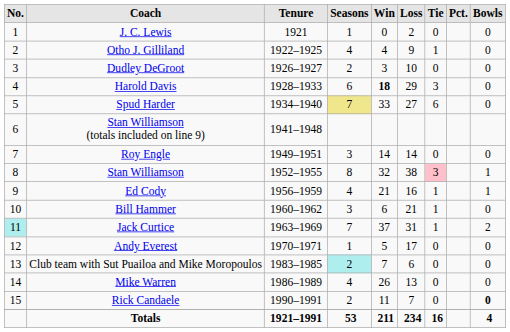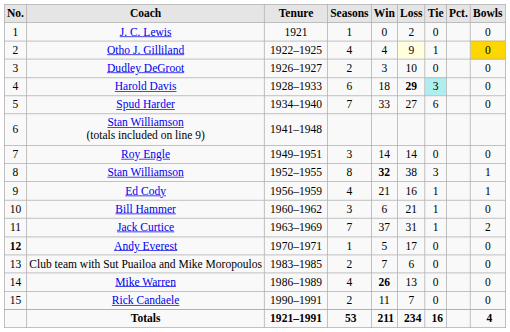 <table class="wikitable sortable" style="text-align:center;">
 <tr>
 <th style="background:#e5e5e5;">No.</th>
 <th style="background:#e5e5e5;">Coach</th>
 <th style="background:#e5e5e5;">Tenure</th>
 <th style="background:#e5e5e5;">Seasons</th>
 <th style="background:#e5e5e5;">Win</th>
 <th style="background:#e5e5e5;">Loss</th>
 <th style="background:#e5e5e5;">Tie</th>
 <th style="background:#e5e5e5;">Pct.</th>
 <th style="background:#e5e5e5;">Bowls</th>
 </tr>
 <tr>
 <td>1</td>
 <td><a href='#'>J. C. Lewis</a></td>
 <td>1921</td>
 <td>1</td>
 <td>0</td>
 <td>2</td>
 <td>0</td>
 <td></td>
 <td>0</td>
 </tr>
 <tr>
 <td>2</td>
 <td><a href='#'>Otho J. Gilliland</a></td>
 <td>1922–1925</td>
 <td>4</td>
 <td>4</td>
-<td>9</td>
+<td style="background: lightyellow;">9</td>
 <td>1</td>
 <td></td>
-<td>0</td>
+<td style="background: gold;">0</td>
 </tr>
 <tr>
 <td>3</td>
 <td><a href='#'>Dudley DeGroot</a></td>
 <td>1926–1927</td>
 <td>2</td>
 <td>3</td>
 <td>10</td>
 <td>0</td>
 <td></td>
 <td>0</td>
 </tr>
 <tr>
 <td>4</td>
 <td><a href='#'>Harold Davis</a></td>
 <td>1928–1933</td>
 <td>6</td>
-<td><strong>18</strong></td>
-<td>29</td>
-<td>3</td>
+<td>18</td>
+<td><strong>29</strong></td>
+<td style="background: paleturquoise;">3</td>
 <td></td>
 <td>0</td>
 </tr>
 <tr>
 <td>5</td>
 <td><a href='#'>Spud Harder</a></td>
 <td>1934–1940</td>
-<td style="background: khaki;">7</td>
+<td>7</td>
 <td>33</td>
 <td>27</td>
 <td>6</td>
 <td></td>
 <td>0</td>
 </tr>
 <tr>
 <td>6</td>
 <td><a href='#'>Stan Williamson</a><br>(totals included on line 9)</td>
 <td>1941–1948</td>
 <td></td>
 <td></td>
 <td></td>
 <td></td>
 <td></td>
 <td></td>
 </tr>
 <tr>
 <td>7</td>
 <td><a href='#'>Roy Engle</a></td>
 <td>1949–1951</td>
 <td>3</td>
 <td>14</td>
 <td>14</td>
 <td>0</td>
 <td></td>
 <td>0</td>
 </tr>
 <tr>
 <td>8</td>
 <td><a href='#'>Stan Williamson</a></td>
 <td>1952–1955</td>
 <td>8</td>
-<td>32</td>
+<td><strong>32</strong></td>
 <td>38</td>
-<td style="background: pink;">3</td>
+<td>3</td>
 <td></td>
 <td>1</td>
 </tr>
 <tr>
 <td>9</td>
 <td><a href='#'>Ed Cody</a></td>
 <td>1956–1959</td>
 <td>4</td>
 <td>21</td>
 <td>16</td>
 <td>1</td>
 <td></td>
 <td>1</td>
 </tr>
 <tr>
 <td>10</td>
 <td><a href='#'>Bill Hammer</a></td>
 <td>1960–1962</td>
 <td>3</td>
 <td>6</td>
 <td>21</td>
 <td>1</td>
 <td></td>
 <td>0</td>
 </tr>
 <tr>
-<td style="background: paleturquoise;">11</td>
+<td>11</td>
 <td><a href='#'>Jack Curtice</a></td>
 <td>1963–1969</td>
 <td>7</td>
 <td>37</td>
 <td>31</td>
 <td>1</td>
 <td></td>
 <td>2</td>
 </tr>
 <tr>
-<td>12</td>
+<td><strong>12</strong></td>
 <td><a href='#'>Andy Everest</a></td>
 <td>1970–1971</td>
 <td>1</td>
 <td>5</td>
 <td>17</td>
 <td>0</td>
 <td></td>
 <td>0</td>
 </tr>
 <tr>
 <td>13</td>
 <td>Club team with Sut Puailoa and Mike Moropoulos</td>
 <td>1983–1985</td>
-<td style="background: paleturquoise;">2</td>
+<td>2</td>
 <td>7</td>
 <td>6</td>
 <td>0</td>
 <td></td>
 <td>0</td>
 </tr>
 <tr>
 <td>14</td>
 <td><a href='#'>Mike Warren</a></td>
 <td>1986–1989</td>
 <td>4</td>
-<td>26</td>
+<td><strong>26</strong></td>
 <td>13</td>
 <td>0</td>
 <td></td>
 <td>0</td>
 </tr>
 <tr>
 <td>15</td>
 <td><a href='#'>Rick Candaele</a></td>
 <td>1990–1991</td>
 <td>2</td>
 <td>11</td>
 <td>7</td>
 <td>0</td>
 <td></td>
-<td><strong>0</strong></td>
+<td>0</td>
 </tr>
 <tr>
 </tr>
 <tr style="font-weight:bold">
 <td> </td>
 <td> Totals </td>
 <td> 1921–1991 </td>
 <td> 53</td>
 <td> 211</td>
 <td> 234</td>
 <td> 16</td>
 <td></td>
 <td> 4</td>
 </tr>
 </table>
